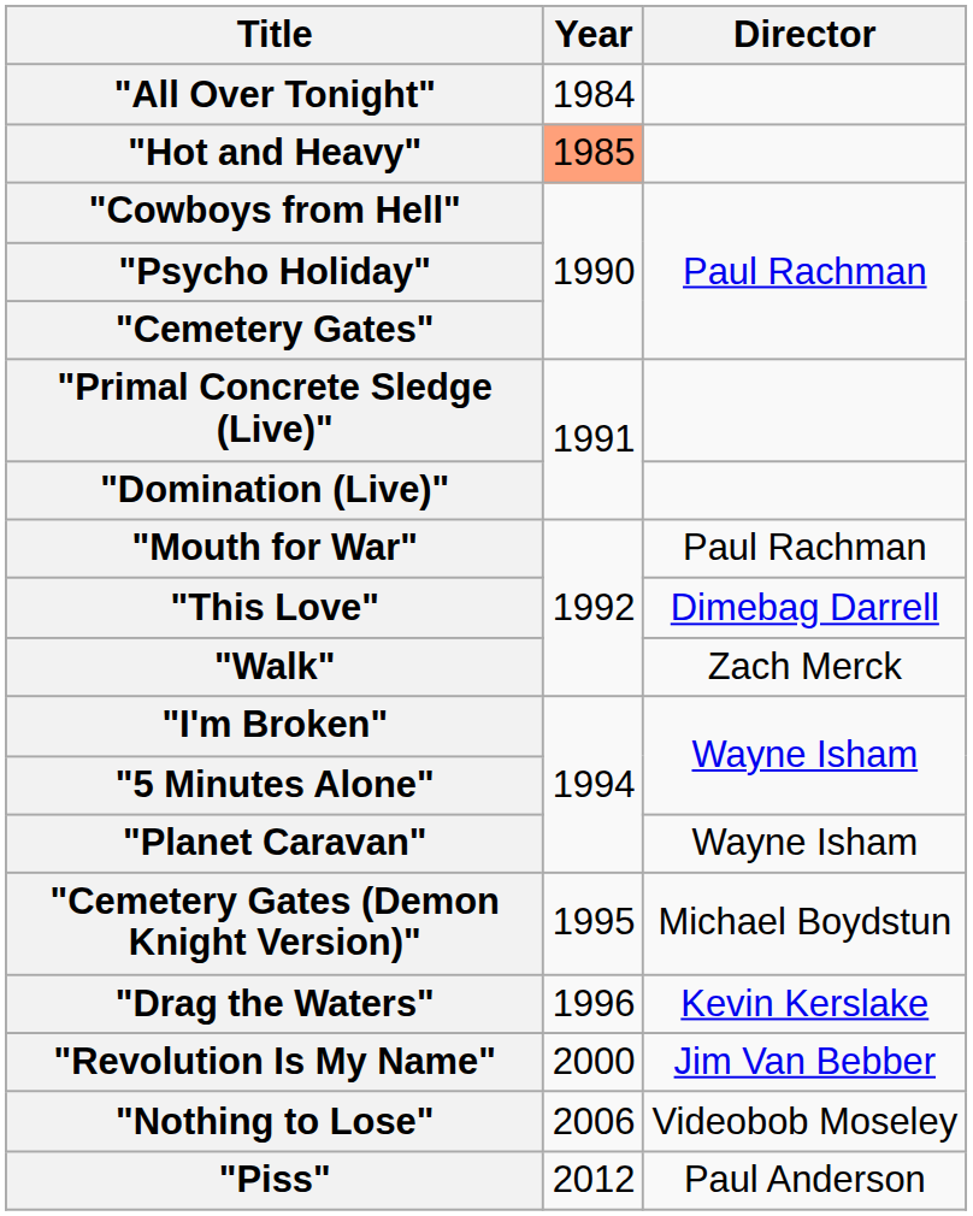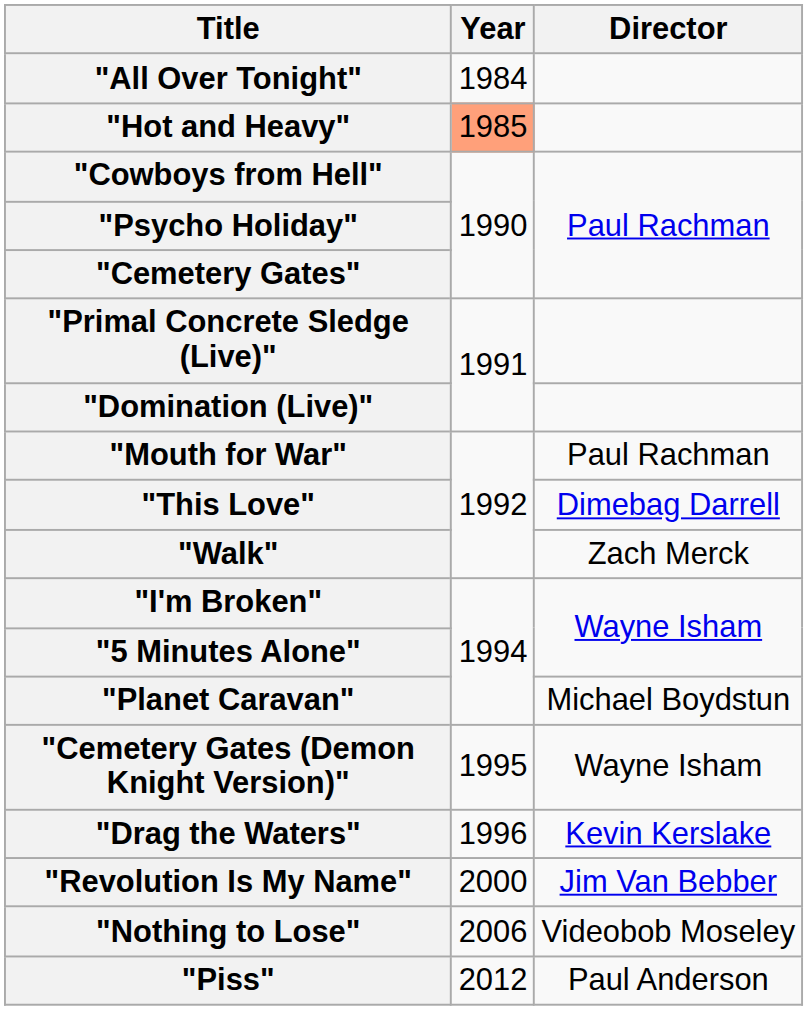 <table class="wikitable plainrowheaders" style="text-align:center;">
 <tr>
 <th scope="col" style="width:14em;">Title</th>
 <th scope="col">Year</th>
 <th scope="col">Director</th>
 </tr>
 <tr>
 <th scope="row">"All Over Tonight"</th>
 <td>1984</td>
 <td></td>
 </tr>
 <tr>
 <th scope="row">"Hot and Heavy"</th>
 <td style="background: lightsalmon;">1985</td>
 <td></td>
 </tr>
 <tr>
 <th scope="row">"Cowboys from Hell"</th>
 <td rowspan="3">1990</td>
 <td rowspan="3"><a href='#'>Paul Rachman</a></td>
 </tr>
 <tr>
 <th scope="row">"Psycho Holiday"</th>
 </tr>
 <tr>
 <th scope="row">"Cemetery Gates"</th>
 </tr>
 <tr>
 <th scope="row">"Primal Concrete Sledge (Live)"</th>
 <td rowspan="2">1991</td>
 <td></td>
 </tr>
 <tr>
 <th scope="row">"Domination (Live)"</th>
 <td></td>
 </tr>
 <tr>
 <th scope="row">"Mouth for War"</th>
 <td rowspan="3">1992</td>
 <td>Paul Rachman</td>
 </tr>
 <tr>
 <th scope="row">"This Love"</th>
 <td><a href='#'>Dimebag Darrell</a></td>
 </tr>
 <tr>
 <th scope="row">"Walk"</th>
 <td>Zach Merck</td>
 </tr>
 <tr>
 <th scope="row">"I'm Broken"</th>
 <td rowspan="3">1994</td>
 <td rowspan="2"><a href='#'>Wayne Isham</a></td>
 </tr>
 <tr>
 <th scope="row">"5 Minutes Alone"</th>
 </tr>
 <tr>
 <th scope="row">"Planet Caravan"</th>
-<td>Wayne Isham</td>
+<td>Michael Boydstun</td>
 </tr>
 <tr>
 <th scope="row">"Cemetery Gates (Demon Knight Version)"</th>
 <td>1995</td>
-<td>Michael Boydstun</td>
+<td>Wayne Isham</td>
 </tr>
 <tr>
 <th scope="row">"Drag the Waters"</th>
 <td>1996</td>
 <td><a href='#'>Kevin Kerslake</a></td>
 </tr>
 <tr>
 <th scope="row">"Revolution Is My Name"</th>
 <td>2000</td>
 <td><a href='#'>Jim Van Bebber</a></td>
 </tr>
 <tr>
 <th scope="row">"Nothing to Lose"<br></th>
 <td>2006</td>
 <td>Videobob Moseley</td>
 </tr>
 <tr>
 <th scope="row">"Piss"</th>
 <td>2012</td>
 <td>Paul Anderson</td>
 </tr>
 </table>
